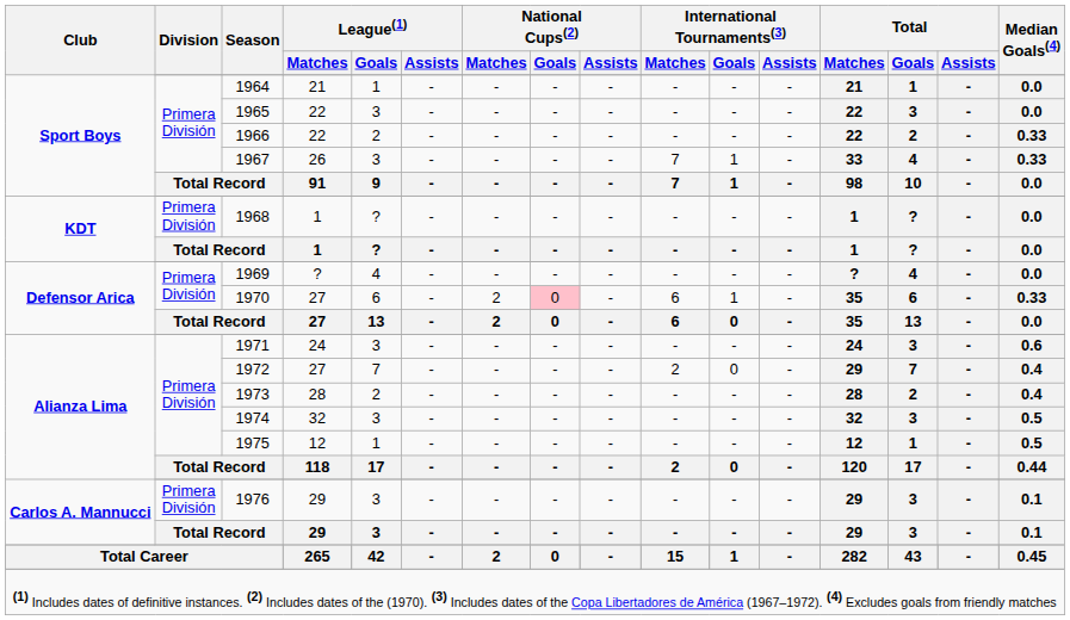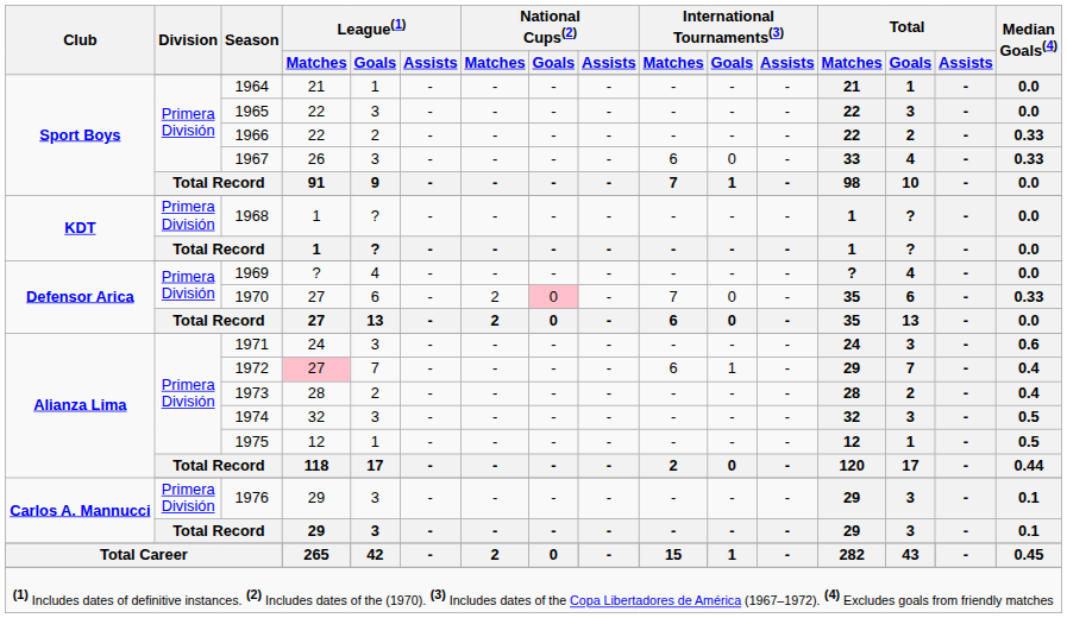 <table class="wikitable center" style="text-align:center">
 <tr>
 <th rowspan="2" width=150px>Club</th>
 <th rowspan="2" width=30px>Division</th>
 <th rowspan=2 width=50px>Season</th>
 <th colspan=3>League<sup>(<a href='#'>1</a>)</sup></th>
 <th colspan=3>National<br>Cups<sup>(<a href='#'>2</a>)</sup></th>
 <th colspan=3>International<br>Tournaments<sup>(<a href='#'>3</a>)</sup></th>
 <th colspan=3>Total</th>
 <th rowspan=2>Median<br>Goals<sup>(<a href='#'>4</a>)</sup></th>
 </tr>
 <tr style="background:#DDDDDD">
 <th align=center><a href='#'>Matches</a></th>
 <th align=center><a href='#'>Goals</a></th>
 <th align=center><a href='#'>Assists</a></th>
 <th align=center><a href='#'>Matches</a></th>
 <th align=center><a href='#'>Goals</a></th>
 <th align=center><a href='#'>Assists</a></th>
 <th align=center><a href='#'>Matches</a></th>
 <th align=center><a href='#'>Goals</a></th>
 <th align=center><a href='#'>Assists</a></th>
 <th align=center><a href='#'>Matches</a></th>
 <th align=center><a href='#'>Goals</a></th>
 <th align=center><a href='#'>Assists</a></th>
 </tr>
 <tr style="text-align:center;">
 <td rowspan=6 align=center><strong><a href='#'>Sport Boys</a></strong><br><small></small></td>
 </tr>
 <tr style="text-align:center;">
 <td rowspan=4 valign="center"><a href='#'>Primera División</a></td>
 <td>1964</td>
 <td>21</td>
 <td>1</td>
 <td>-</td>
 <td>-</td>
 <td>-</td>
 <td>-</td>
 <td>-</td>
 <td>-</td>
 <td>-</td>
 <th align=center>21</th>
 <th align=center>1</th>
 <th align=center>-</th>
 <th align=center>0.0</th>
 </tr>
 <tr style="text-align:center;">
 <td>1965</td>
 <td>22</td>
 <td>3</td>
 <td>-</td>
 <td>-</td>
 <td>-</td>
 <td>-</td>
 <td>-</td>
 <td>-</td>
 <td>-</td>
 <th align=center>22</th>
 <th align=center>3</th>
 <th align=center>-</th>
 <th align=center>0.0</th>
 </tr>
 <tr style="text-align:center;">
 <td>1966</td>
 <td>22</td>
 <td>2</td>
 <td>-</td>
 <td>-</td>
 <td>-</td>
 <td>-</td>
 <td>-</td>
 <td>-</td>
 <td>-</td>
 <th align=center>22</th>
 <th align=center>2</th>
 <th align=center>-</th>
 <th align=center>0.33</th>
 </tr>
 <tr style="text-align:center;">
 <td>1967</td>
 <td>26</td>
 <td>3</td>
 <td>-</td>
 <td>-</td>
 <td>-</td>
 <td>-</td>
-<td>7</td>
-<td>1</td>
+<td>6</td>
+<td>0</td>
 <td>-</td>
 <th align=center>33</th>
 <th align=center>4</th>
 <th align=center>-</th>
 <th align=center>0.33</th>
 </tr>
 <tr style="text-align:center;" style="background:#DDDDDD">
 <th colspan="2">Total Record</th>
 <th>91</th>
 <th>9</th>
 <th>-</th>
 <th>-</th>
 <th>-</th>
 <th>-</th>
 <th>7</th>
 <th>1</th>
 <th>-</th>
 <th>98</th>
 <th>10</th>
 <th>-</th>
 <th>0.0</th>
 </tr>
 <tr style="text-align:center;">
 <td rowspan=3 align=center><strong><a href='#'>KDT</a></strong><br><small></small></td>
 </tr>
 <tr style="text-align:center;">
 <td rowspan=1 valign="center"><a href='#'>Primera División</a></td>
 <td>1968</td>
 <td>1</td>
 <td>?</td>
 <td>-</td>
 <td>-</td>
 <td>-</td>
 <td>-</td>
 <td>-</td>
 <td>-</td>
 <td>-</td>
 <th align=center>1</th>
 <th align=center>?</th>
 <th align=center>-</th>
 <th align=center>0.0</th>
 </tr>
 <tr style="text-align:center;" style="background:#DDDDDD">
 <th colspan="2">Total Record</th>
 <th>1</th>
 <th>?</th>
 <th>-</th>
 <th>-</th>
 <th>-</th>
 <th>-</th>
 <th>-</th>
 <th>-</th>
 <th>-</th>
 <th>1</th>
 <th>?</th>
 <th>-</th>
 <th>0.0</th>
 </tr>
 <tr style="text-align:center;">
 <td rowspan=5 align=center><strong><a href='#'>Defensor Arica</a></strong><br><small></small></td>
 </tr>
 <tr style="text-align:center;">
 <td rowspan=3 valign="center"><a href='#'>Primera División</a></td>
 </tr>
 <tr style="text-align:center;">
 <td>1969</td>
 <td>?</td>
 <td>4</td>
 <td>-</td>
 <td>-</td>
 <td>-</td>
 <td>-</td>
 <td>-</td>
 <td>-</td>
 <td>-</td>
 <th align=center>?</th>
 <th align=center>4</th>
 <th align=center>-</th>
 <th align=center>0.0</th>
 </tr>
 <tr style="text-align:center;">
 <td>1970</td>
 <td>27</td>
 <td>6</td>
 <td>-</td>
 <td>2</td>
 <td style="background: pink;">0</td>
 <td>-</td>
-<td>6</td>
-<td>1</td>
+<td>7</td>
+<td>0</td>
 <td>-</td>
 <th align=center>35</th>
 <th align=center>6</th>
 <th align=center>-</th>
 <th align=center>0.33</th>
 </tr>
 <tr style="text-align:center;" style="background:#DDDDDD">
 <th colspan="2">Total Record</th>
 <th>27</th>
 <th>13</th>
 <th>-</th>
 <th>2</th>
 <th>0</th>
 <th>-</th>
 <th>6</th>
 <th>0</th>
 <th>-</th>
 <th>35</th>
 <th>13</th>
 <th>-</th>
 <th>0.0</th>
 </tr>
 <tr style="text-align:center;">
 <td rowspan=7 align=center><strong><a href='#'>Alianza Lima</a></strong><br><small></small></td>
 </tr>
 <tr style="text-align:center;">
 <td rowspan=5 valign="center"><a href='#'>Primera División</a></td>
 <td>1971</td>
 <td>24</td>
 <td>3</td>
 <td>-</td>
 <td>-</td>
 <td>-</td>
 <td>-</td>
 <td>-</td>
 <td>-</td>
 <td>-</td>
 <th align=center>24</th>
 <th align=center>3</th>
 <th align=center>-</th>
 <th align=center>0.6</th>
 </tr>
 <tr style="text-align:center;">
 <td>1972</td>
-<td>27</td>
+<td style="background: pink;">27</td>
 <td>7</td>
 <td>-</td>
 <td>-</td>
 <td>-</td>
 <td>-</td>
-<td>2</td>
-<td>0</td>
+<td>6</td>
+<td>1</td>
 <td>-</td>
 <th align=center>29</th>
 <th align=center>7</th>
 <th align=center>-</th>
 <th align=center>0.4</th>
 </tr>
 <tr style="text-align:center;">
 <td>1973</td>
 <td>28</td>
 <td>2</td>
 <td>-</td>
 <td>-</td>
 <td>-</td>
 <td>-</td>
 <td>-</td>
 <td>-</td>
 <td>-</td>
 <th align=center>28</th>
 <th align=center>2</th>
 <th align=center>-</th>
 <th align=center>0.4</th>
 </tr>
 <tr style="text-align:center;">
 <td>1974</td>
 <td>32</td>
 <td>3</td>
 <td>-</td>
 <td>-</td>
 <td>-</td>
 <td>-</td>
 <td>-</td>
 <td>-</td>
 <td>-</td>
 <th align=center>32</th>
 <th align=center>3</th>
 <th align=center>-</th>
 <th align=center>0.5</th>
 </tr>
 <tr style="text-align:center;">
 <td>1975</td>
 <td>12</td>
 <td>1</td>
 <td>-</td>
 <td>-</td>
 <td>-</td>
 <td>-</td>
 <td>-</td>
 <td>-</td>
 <td>-</td>
 <th align=center>12</th>
 <th align=center>1</th>
 <th align=center>-</th>
 <th align=center>0.5</th>
 </tr>
 <tr style="text-align:center;" style="background:#DDDDDD">
 <th colspan="2">Total Record</th>
 <th>118</th>
 <th>17</th>
 <th>-</th>
 <th>-</th>
 <th>-</th>
 <th>-</th>
 <th>2</th>
 <th>0</th>
 <th>-</th>
 <th>120</th>
 <th>17</th>
 <th>-</th>
 <th>0.44</th>
 </tr>
 <tr style="text-align:center;">
 <td rowspan=3 align=center><strong><a href='#'>Carlos A. Mannucci</a></strong><br><small></small></td>
 </tr>
 <tr style="text-align:center;">
 <td rowspan=1 valign="center"><a href='#'>Primera División</a></td>
 <td>1976</td>
 <td>29</td>
 <td>3</td>
 <td>-</td>
 <td>-</td>
 <td>-</td>
 <td>-</td>
 <td>-</td>
 <td>-</td>
 <td>-</td>
 <th align=center>29</th>
 <th align=center>3</th>
 <th align=center>-</th>
 <th align=center>0.1</th>
 </tr>
 <tr style="text-align:center;" style="background:#DDDDDD">
 <th colspan="2">Total Record</th>
 <th>29</th>
 <th>3</th>
 <th>-</th>
 <th>-</th>
 <th>-</th>
 <th>-</th>
 <th>-</th>
 <th>-</th>
 <th>-</th>
 <th>29</th>
 <th>3</th>
 <th>-</th>
 <th>0.1</th>
 </tr>
 <tr align=center bgcolor=000000 style="color: black;">
 <th colspan="3" valign="center">Total Career</th>
 <th>265</th>
 <th>42</th>
 <th>-</th>
 <th>2</th>
 <th>0</th>
 <th>-</th>
 <th>15</th>
 <th>1</th>
 <th>-</th>
 <th>282</th>
 <th>43</th>
 <th>-</th>
 <th>0.45</th>
 </tr>
 <tr>
 <td colspan="16"><br><sup><strong>(1)</strong></sup><small> Includes dates of definitive instances.</small> <sup><strong>(2)</strong></sup><small> Includes dates of the  (1970).</small> <sup><strong>(3)</strong></sup><small> Includes dates of the <a href='#'>Copa Libertadores de América</a> (1967–1972).</small> <sup><strong>(4)</strong></sup><small> Excludes goals from friendly matches</small></td>
 </tr>
 </table>
